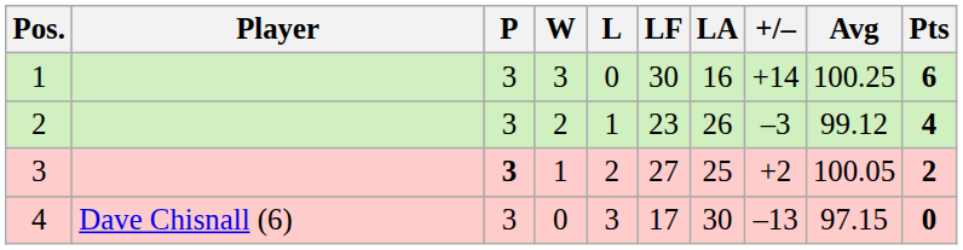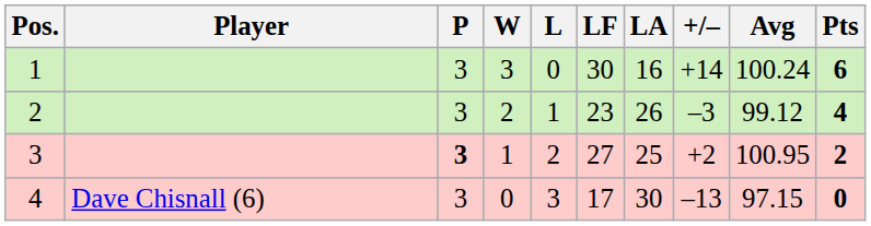 <table class="wikitable" style="text-align:center; margin: 1em auto 1em auto, align:left">
 <tr>
 <th width=20>Pos.</th>
 <th width=212>Player</th>
 <th width=20>P</th>
 <th width=20>W</th>
 <th width=20>L</th>
 <th width=20>LF</th>
 <th width=20>LA</th>
 <th width=25>+/–</th>
 <th width=25>Avg</th>
 <th width=20>Pts</th>
 </tr>
 <tr style="background:#D0F0C0;">
 <td>1</td>
 <td align=left></td>
 <td>3</td>
 <td>3</td>
 <td>0</td>
 <td>30</td>
 <td>16</td>
 <td>+14</td>
-<td>100.25</td>
+<td>100.24</td>
 <td><strong>6</strong></td>
 </tr>
 <tr style="background:#D0F0C0;">
 <td>2</td>
 <td align=left></td>
 <td>3</td>
 <td>2</td>
 <td>1</td>
 <td>23</td>
 <td>26</td>
 <td>–3</td>
 <td>99.12</td>
 <td><strong>4</strong></td>
 </tr>
 <tr style="background:#FFCCCC;">
 <td>3</td>
 <td align=left></td>
 <td><strong>3</strong></td>
 <td>1</td>
 <td>2</td>
 <td>27</td>
 <td>25</td>
 <td>+2</td>
-<td>100.05</td>
+<td>100.95</td>
 <td><strong>2</strong></td>
 </tr>
 <tr style="background:#FFCCCC;">
 <td>4</td>
 <td align=left> <a href='#'>Dave Chisnall</a> (6)</td>
 <td>3</td>
 <td>0</td>
 <td>3</td>
 <td>17</td>
 <td>30</td>
 <td>–13</td>
 <td>97.15</td>
 <td><strong>0</strong></td>
 </tr>
 </table>
